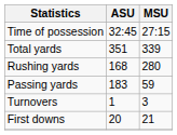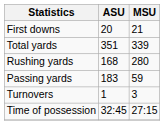 <table class="wikitable">
 <tr>
 <th>Statistics</th>
 <th>ASU</th>
 <th>MSU</th>
 </tr>
 <tr>
-<td>Time of possession</td>
-<td>32:45</td>
-<td>27:15</td>
+<td>First downs</td>
+<td>20</td>
+<td>21</td>
 </tr>
 <tr>
 <td>Total yards</td>
 <td>351</td>
 <td>339</td>
 </tr>
 <tr>
 <td>Rushing yards</td>
 <td>168</td>
 <td>280</td>
 </tr>
 <tr>
 <td>Passing yards</td>
 <td>183</td>
 <td>59</td>
 </tr>
 <tr>
 <td>Turnovers</td>
 <td>1</td>
 <td>3</td>
 </tr>
 <tr>
-<td>First downs</td>
-<td>20</td>
-<td>21</td>
+<td>Time of possession</td>
+<td>32:45</td>
+<td>27:15</td>
 </tr>
 <tr>
 </tr>
 </table>
